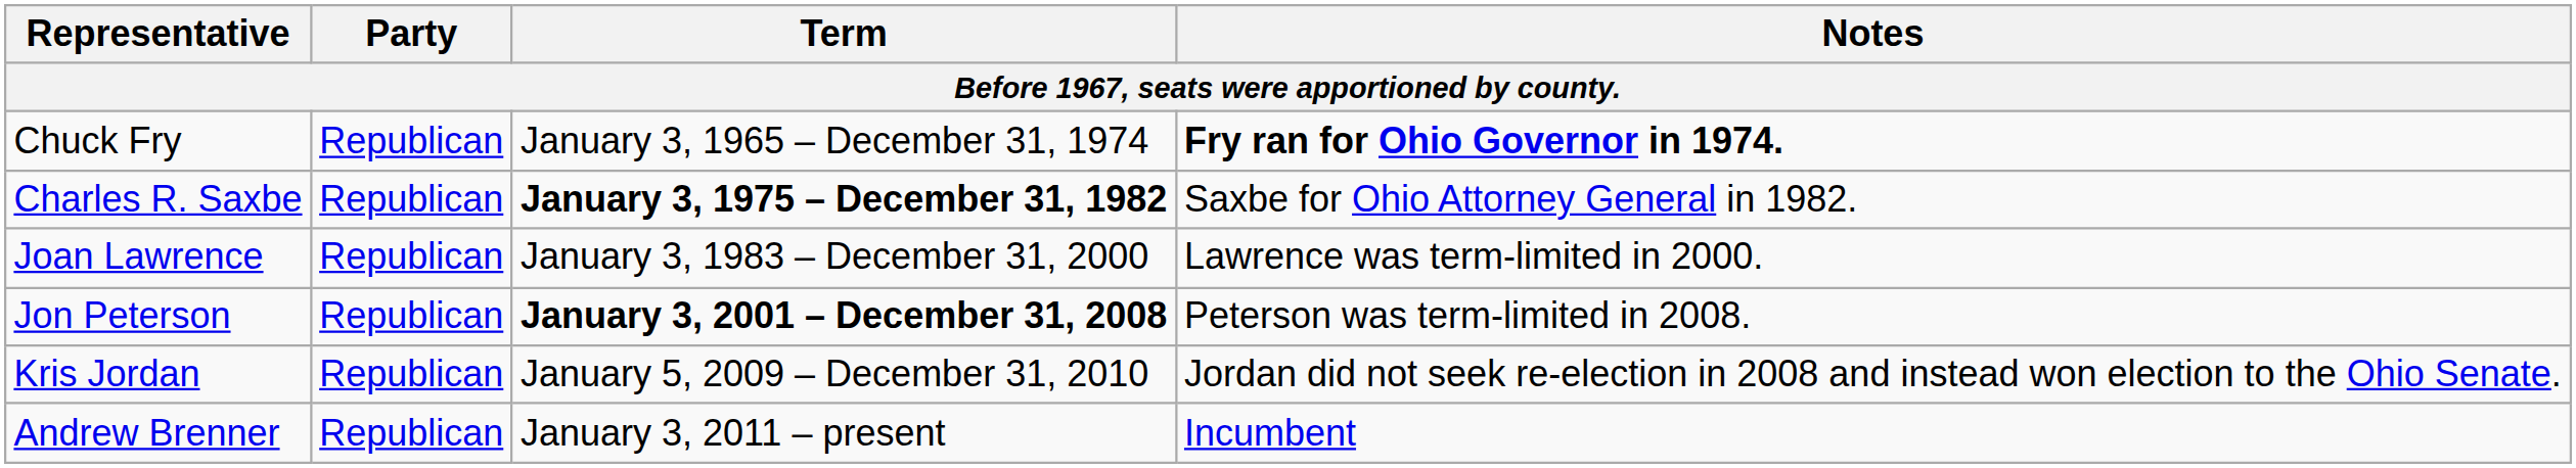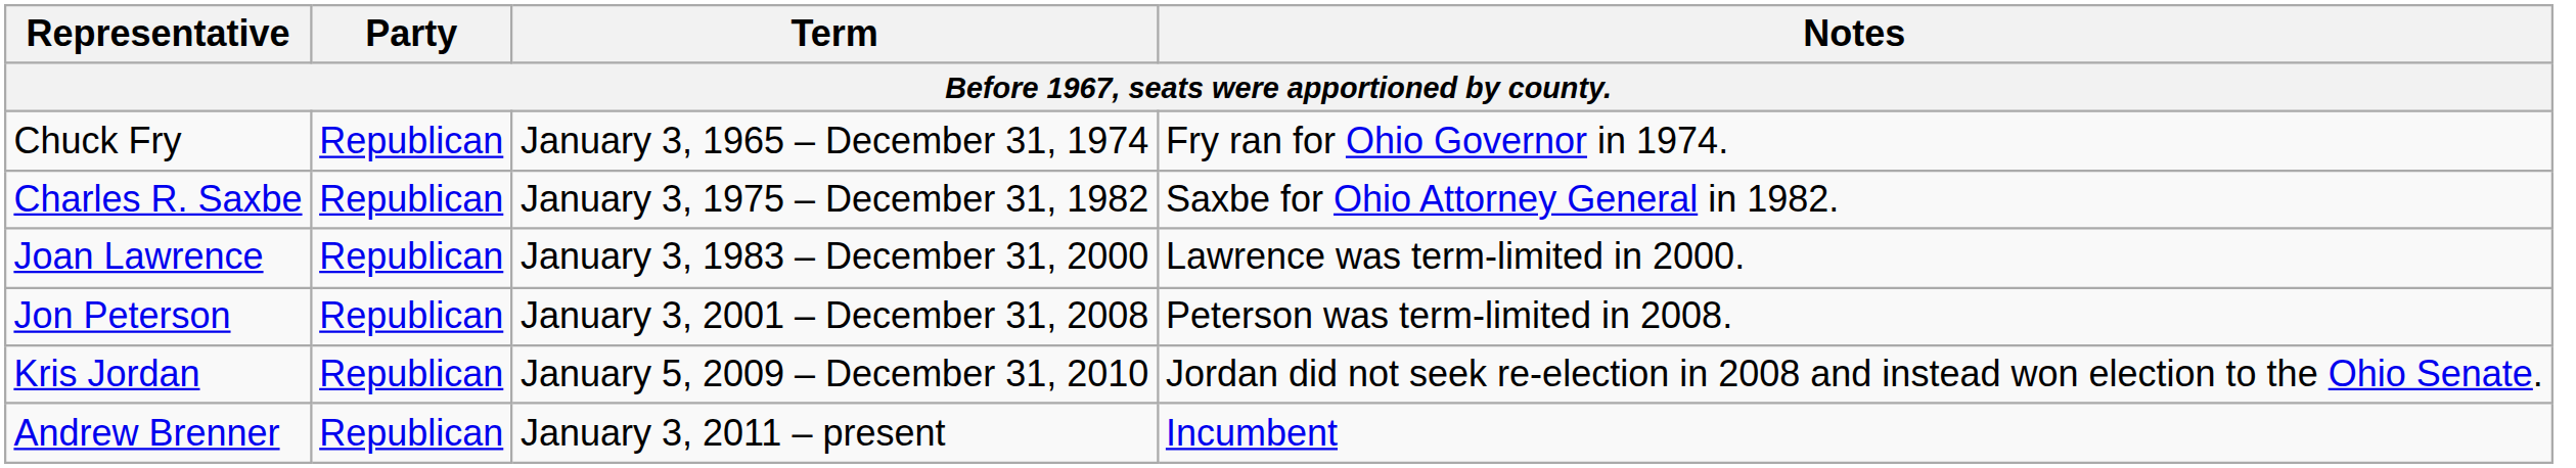 <table class=wikitable>
 <tr valign=bottom>
 <th>Representative</th>
 <th>Party</th>
 <th>Term</th>
 <th>Notes</th>
 </tr>
 <tr>
 <th colspan=5 style="font-size: 80%;"><em>Before 1967, seats were apportioned by county.</em></th>
 </tr>
 <tr>
 <td>Chuck Fry</td>
 <td><a href='#'>Republican</a></td>
 <td>January 3, 1965 – December 31, 1974</td>
-<td><strong>Fry ran for <a href='#'>Ohio Governor</a> in 1974.</strong></td>
+<td>Fry ran for <a href='#'>Ohio Governor</a> in 1974.</td>
 </tr>
 <tr>
 <td><a href='#'>Charles R. Saxbe</a></td>
 <td><a href='#'>Republican</a></td>
-<td><strong>January 3, 1975 – December 31, 1982</strong></td>
+<td>January 3, 1975 – December 31, 1982</td>
 <td>Saxbe for <a href='#'>Ohio Attorney General</a> in 1982.</td>
 </tr>
 <tr>
 <td><a href='#'>Joan Lawrence</a></td>
 <td><a href='#'>Republican</a></td>
 <td>January 3, 1983 – December 31, 2000</td>
 <td>Lawrence was term-limited in 2000.</td>
 </tr>
 <tr>
 <td><a href='#'>Jon Peterson</a></td>
 <td><a href='#'>Republican</a></td>
-<td><strong>January 3, 2001 – December 31, 2008</strong></td>
+<td>January 3, 2001 – December 31, 2008</td>
 <td>Peterson was term-limited in 2008.</td>
 </tr>
 <tr>
 <td><a href='#'>Kris Jordan</a></td>
 <td><a href='#'>Republican</a></td>
 <td>January 5, 2009 – December 31, 2010</td>
 <td>Jordan did not seek re-election in 2008 and instead won election to the <a href='#'>Ohio Senate</a>.</td>
 </tr>
 <tr>
 <td><a href='#'>Andrew Brenner</a></td>
 <td><a href='#'>Republican</a></td>
 <td>January 3, 2011 – present</td>
 <td><a href='#'>Incumbent</a></td>
 </tr>
 </table>
